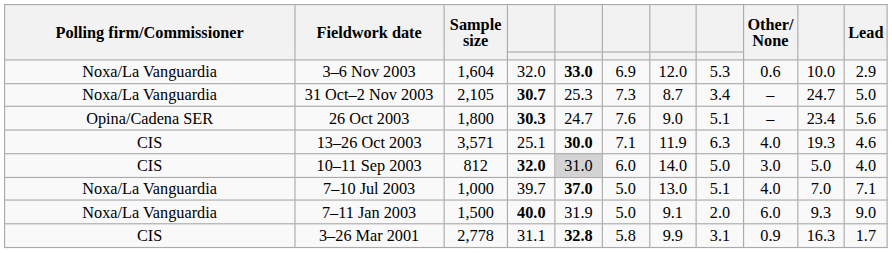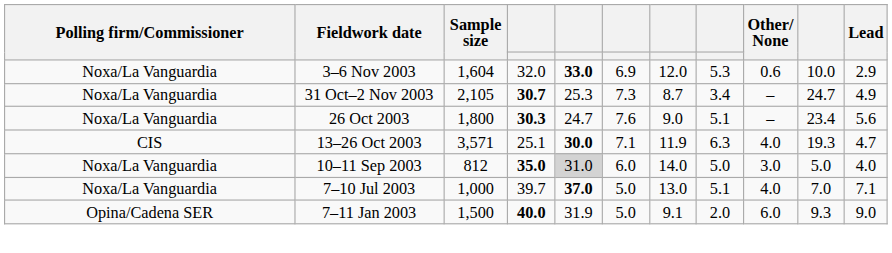 <table class="wikitable collapsible collapsed" style="text-align:center; font-size:90%; line-height:14px;">
 <tr style="height:42px;">
 <th style="width:250px;" rowspan="2">Polling firm/Commissioner</th>
 <th style="width:125px;" rowspan="2">Fieldwork date</th>
 <th style="width:50px;" rowspan="2">Sample size</th>
 <th style="width:35px;"></th>
 <th style="width:35px;"></th>
 <th style="width:35px;"></th>
 <th style="width:35px;"></th>
 <th style="width:35px;"></th>
 <th style="width:35px;" rowspan="2">Other/<br>None</th>
 <th style="width:35px;" rowspan="2"></th>
 <th style="width:30px;" rowspan="2">Lead</th>
 </tr>
 <tr>
 <th style="color:inherit;background:"></th>
 <th style="color:inherit;background:"></th>
 <th style="color:inherit;background:"></th>
 <th style="color:inherit;background:"></th>
 <th style="color:inherit;background:"></th>
 </tr>
 <tr>
 <td>Noxa/La Vanguardia</td>
 <td>3–6 Nov 2003</td>
 <td>1,604</td>
 <td>32.0</td>
 <td><strong>33.0</strong></td>
 <td>6.9</td>
 <td>12.0</td>
 <td>5.3</td>
 <td>0.6</td>
 <td>10.0</td>
 <td style="background:">2.9</td>
 </tr>
 <tr>
 <td>Noxa/La Vanguardia</td>
 <td>31 Oct–2 Nov 2003</td>
 <td>2,105</td>
 <td><strong>30.7</strong></td>
 <td>25.3</td>
 <td>7.3</td>
 <td>8.7</td>
 <td>3.4</td>
 <td>–</td>
 <td>24.7</td>
-<td style="background:">5.0</td>
+<td style="background:">4.9</td>
 </tr>
 <tr>
-<td>Opina/Cadena SER</td>
+<td>Noxa/La Vanguardia</td>
 <td>26 Oct 2003</td>
 <td>1,800</td>
 <td><strong>30.3</strong></td>
 <td>24.7</td>
 <td>7.6</td>
 <td>9.0</td>
 <td>5.1</td>
 <td>–</td>
 <td>23.4</td>
 <td style="background:">5.6</td>
 </tr>
 <tr>
 <td>CIS</td>
 <td>13–26 Oct 2003</td>
 <td>3,571</td>
 <td>25.1</td>
 <td><strong>30.0</strong></td>
 <td>7.1</td>
 <td>11.9</td>
 <td>6.3</td>
 <td>4.0</td>
 <td>19.3</td>
-<td style="background:">4.6</td>
+<td style="background:">4.7</td>
 </tr>
 <tr>
-<td>CIS</td>
+<td>Noxa/La Vanguardia</td>
 <td>10–11 Sep 2003</td>
 <td>812</td>
-<td><strong>32.0</strong></td>
+<td><strong>35.0</strong></td>
 <td style="background: lightgrey;">31.0</td>
 <td>6.0</td>
 <td>14.0</td>
 <td>5.0</td>
 <td>3.0</td>
 <td>5.0</td>
 <td style="background:">4.0</td>
 </tr>
 <tr>
 <td>Noxa/La Vanguardia</td>
 <td>7–10 Jul 2003</td>
 <td>1,000</td>
 <td>39.7</td>
 <td><strong>37.0</strong></td>
 <td>5.0</td>
 <td>13.0</td>
 <td>5.1</td>
 <td>4.0</td>
 <td>7.0</td>
 <td style="background:">7.1</td>
 </tr>
 <tr>
-<td>Noxa/La Vanguardia</td>
+<td>Opina/Cadena SER</td>
 <td>7–11 Jan 2003</td>
 <td>1,500</td>
 <td><strong>40.0</strong></td>
 <td>31.9</td>
 <td>5.0</td>
 <td>9.1</td>
 <td>2.0</td>
 <td>6.0</td>
 <td>9.3</td>
 <td style="background:">9.0</td>
 </tr>
-<tr>
-<td>CIS</td>
-<td>3–26 Mar 2001</td>
-<td>2,778</td>
-<td>31.1</td>
-<td><strong>32.8</strong></td>
-<td>5.8</td>
-<td>9.9</td>
-<td>3.1</td>
-<td>0.9</td>
-<td>16.3</td>
-<td style="background:">1.7</td>
-</tr>
 </table>
